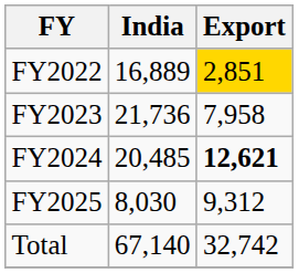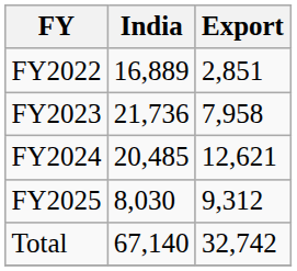 <table class="wikitable">
 <tr>
 <th>FY</th>
 <th>India</th>
 <th>Export </th>
 </tr>
 <tr>
 <td>FY2022</td>
 <td>16,889</td>
-<td style="background: gold;">2,851</td>
+<td>2,851</td>
 </tr>
 <tr>
 <td>FY2023</td>
 <td>21,736</td>
 <td>7,958</td>
 </tr>
 <tr>
 <td>FY2024</td>
 <td>20,485</td>
-<td><strong>12,621</strong></td>
+<td>12,621</td>
 </tr>
 <tr>
 <td>FY2025</td>
 <td>8,030</td>
 <td>9,312</td>
 </tr>
 <tr>
 <td>Total</td>
 <td>67,140</td>
 <td>32,742</td>
 </tr>
 <tr>
 </tr>
 </table>
